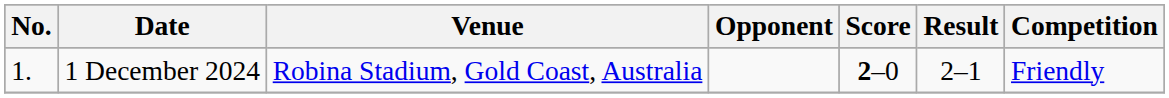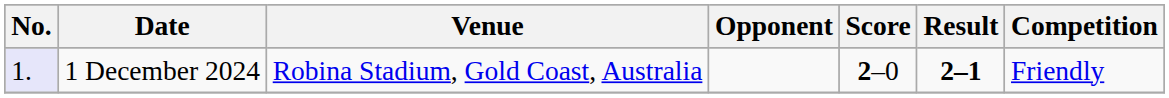 <table class="wikitable">
 <tr>
 <th>No.</th>
 <th>Date</th>
 <th>Venue</th>
 <th>Opponent</th>
 <th>Score</th>
 <th>Result</th>
 <th>Competition</th>
 </tr>
 <tr>
-<td>1.</td>
+<td style="background: lavender;">1.</td>
 <td>1 December 2024</td>
 <td><a href='#'>Robina Stadium</a>, <a href='#'>Gold Coast</a>, <a href='#'>Australia</a></td>
 <td></td>
 <td align=center><strong>2</strong>–0</td>
-<td align=center>2–1</td>
+<td align=center><strong>2–1</strong></td>
 <td><a href='#'>Friendly</a></td>
 </tr>
 <tr>
 </tr>
 </table>
